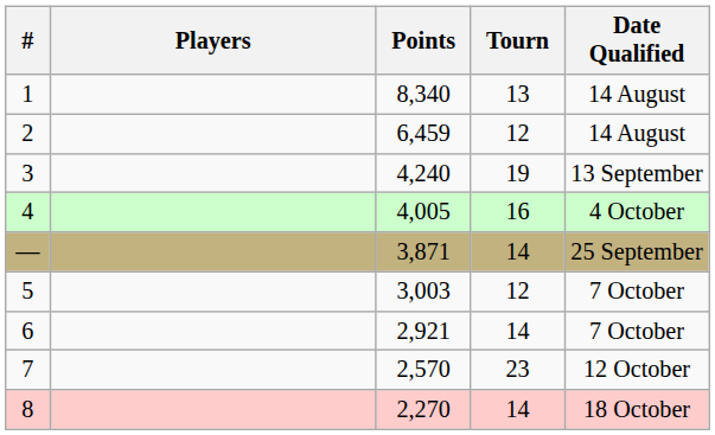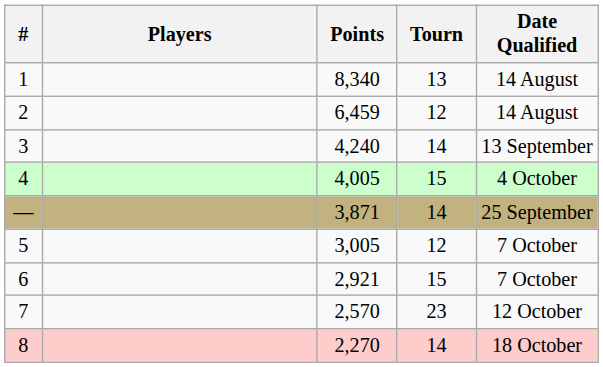 <table class="sortable wikitable"  style="float:right; text-align:center; font-size:90%; text:justify; margin-left:10px; margin-bottom:10px;">
 <tr>
 <th width=20>#</th>
 <th width=190>Players</th>
 <th width=50>Points</th>
 <th width=50>Tourn</th>
 <th width=80>Date Qualified</th>
 </tr>
 <tr align=center>
 <td>1</td>
 <td align=left> <br> </td>
 <td>8,340</td>
 <td>13</td>
 <td>14 August</td>
 </tr>
 <tr>
 <td>2</td>
 <td align=left> <br> </td>
 <td>6,459</td>
 <td>12</td>
 <td>14 August</td>
 </tr>
 <tr>
 <td>3</td>
 <td align=left> <br> </td>
 <td>4,240</td>
-<td>19</td>
+<td>14</td>
 <td>13 September</td>
 </tr>
 <tr style="background:#cfc;">
 <td>4</td>
 <td align=left> <br> </td>
 <td>4,005</td>
-<td>16</td>
+<td>15</td>
 <td>4 October</td>
 </tr>
 <tr style="background:#C2B280;">
 <td>—</td>
 <td align=left> <br> </td>
 <td>3,871</td>
 <td>14</td>
 <td>25 September</td>
 </tr>
 <tr>
 <td>5</td>
 <td align=left> <br> </td>
-<td>3,003</td>
+<td>3,005</td>
 <td>12</td>
 <td>7 October</td>
 </tr>
 <tr>
 <td>6</td>
 <td align=left> <br> </td>
 <td>2,921</td>
-<td>14</td>
+<td>15</td>
 <td>7 October</td>
 </tr>
 <tr>
 <td>7</td>
 <td align=left> <br> </td>
 <td>2,570</td>
 <td>23</td>
 <td>12 October</td>
 </tr>
 <tr style="background:#fcc;">
 <td>8</td>
 <td align=left> <br> </td>
 <td>2,270</td>
 <td>14</td>
 <td>18 October</td>
 </tr>
 </table>
